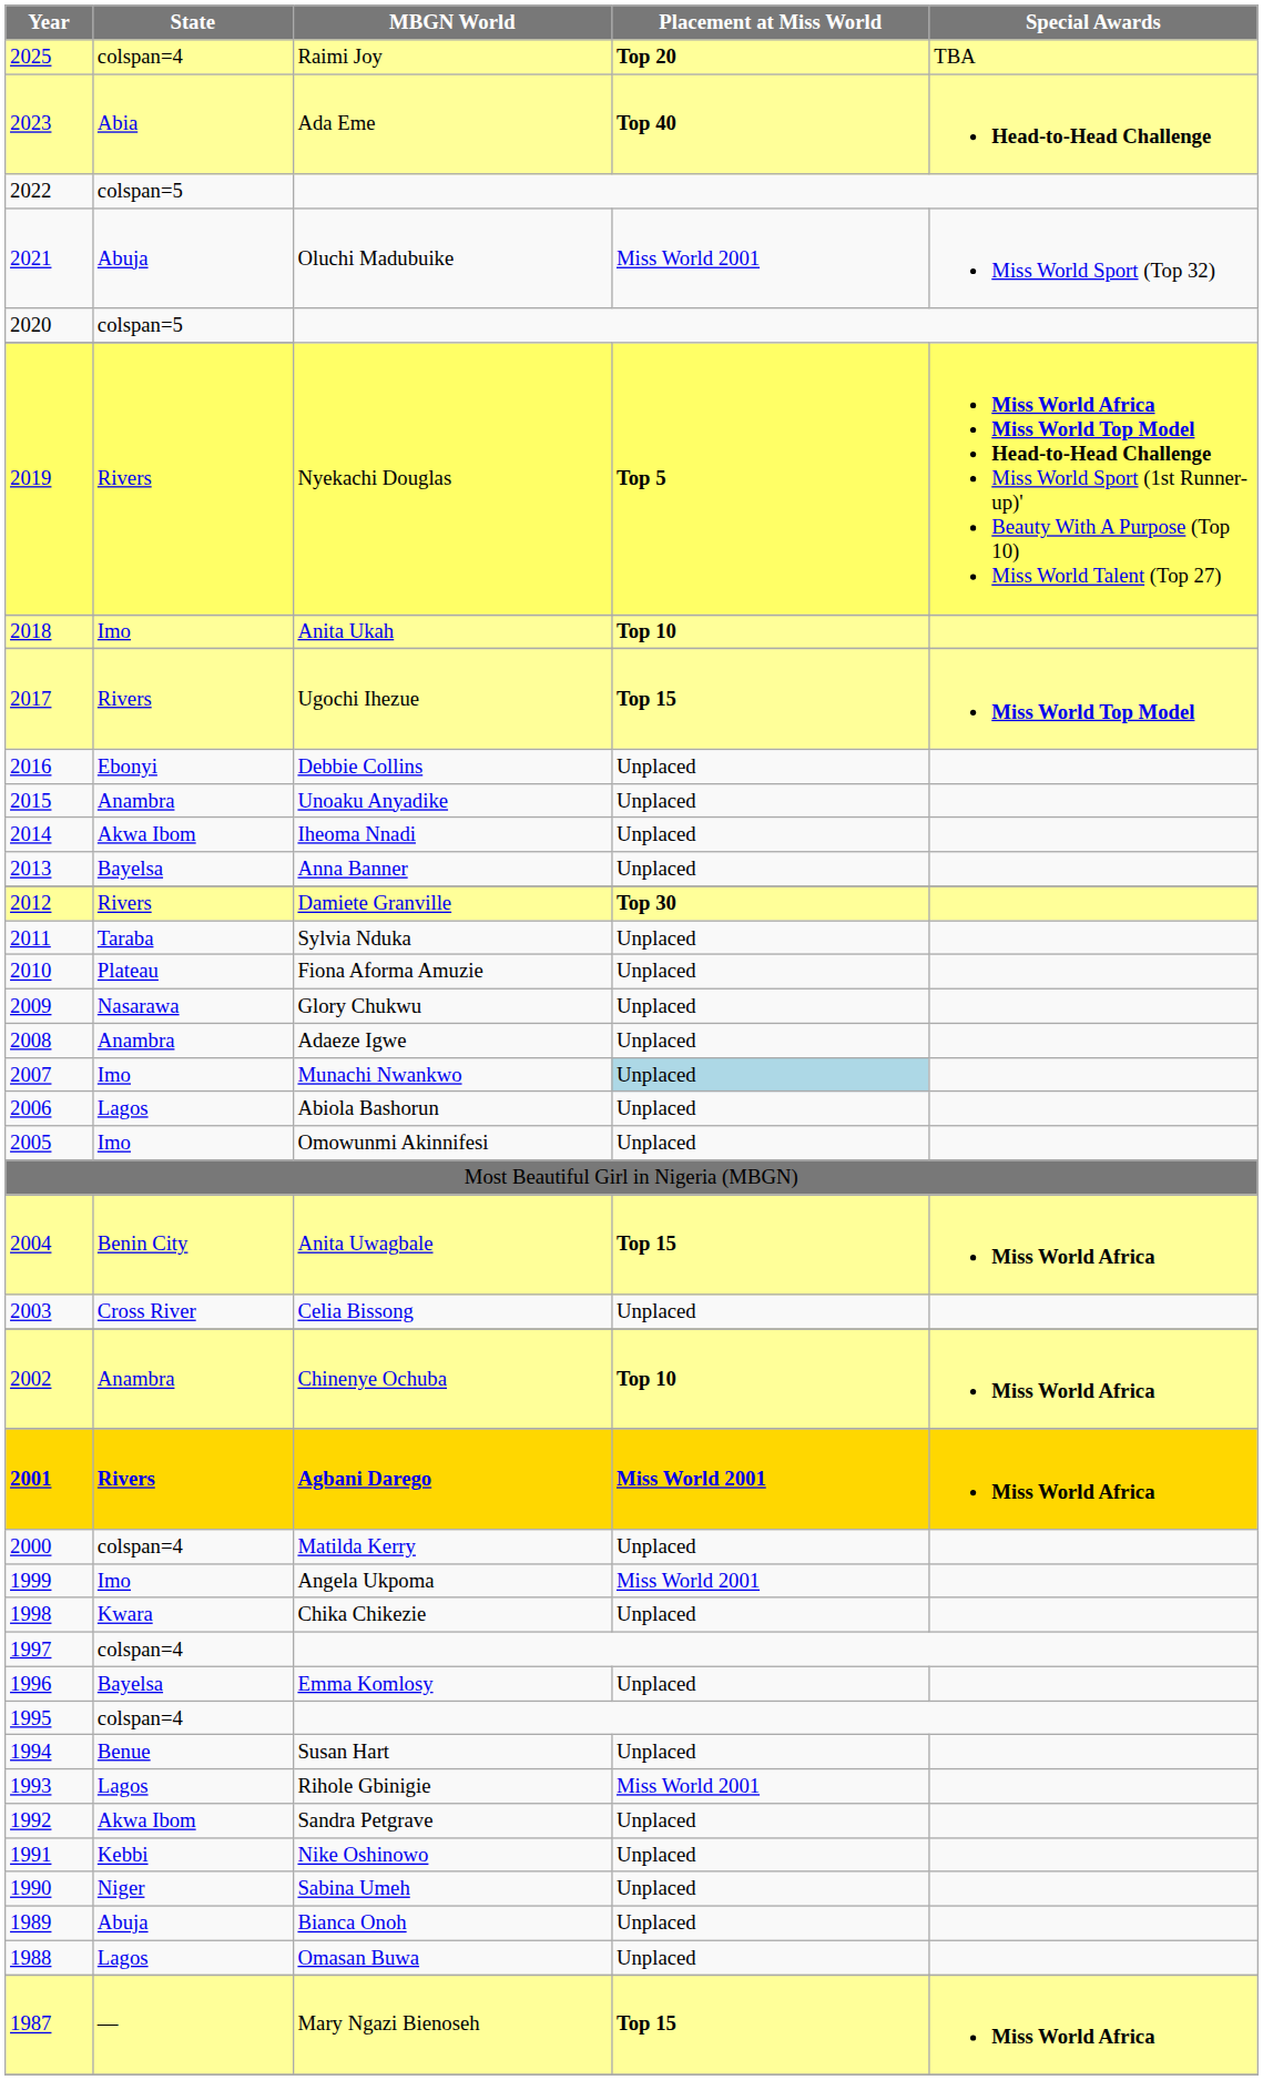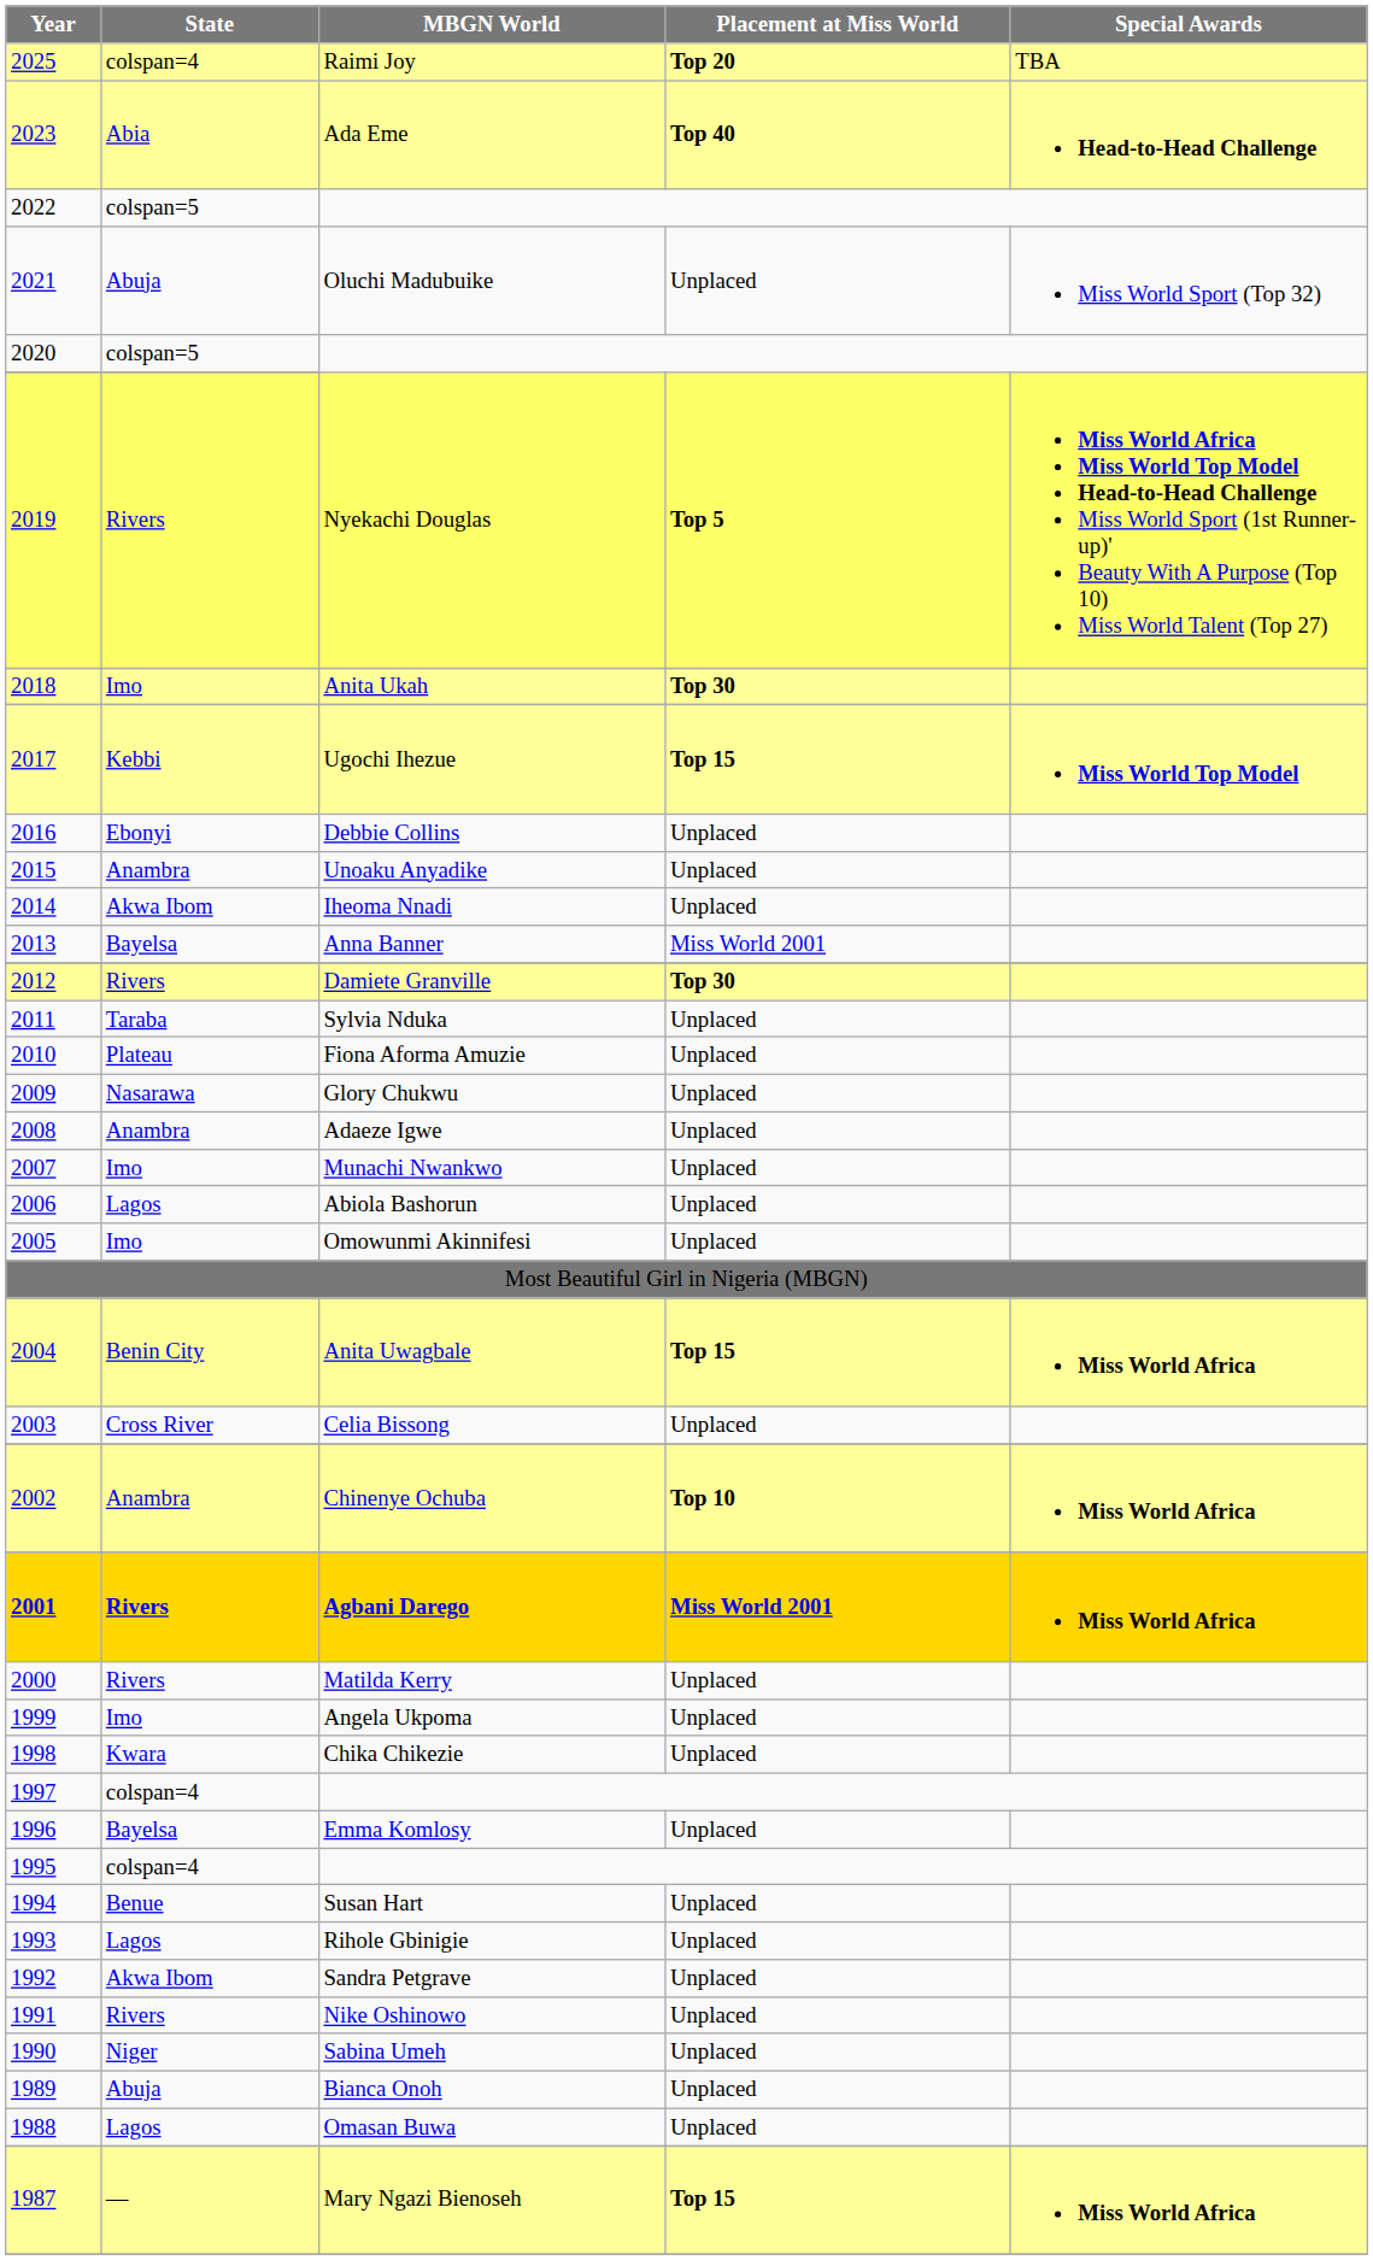 <table class="wikitable " style="font-size: 90%;">
 <tr>
 <th width="60" style="background-color:#787878;color:#FFFFFF;">Year</th>
 <th width="150" style="background-color:#787878;color:#FFFFFF;">State</th>
 <th width="250" style="background-color:#787878;color:#FFFFFF;">MBGN World</th>
 <th width="250" style="background-color:#787878;color:#FFFFFF;">Placement at Miss World</th>
 <th width="250" style="background-color:#787878;color:#FFFFFF;">Special Awards</th>
 </tr>
 <tr style="background-color:#FFFF99;">
 <td><a href='#'>2025</a></td>
 <td>colspan=4 </td>
 <td>Raimi Joy</td>
 <td><strong>Top 20</strong></td>
 <td>TBA</td>
 </tr>
 <tr style="background-color:#FFFF99;">
 <td><a href='#'>2023</a></td>
 <td><a href='#'>Abia</a></td>
 <td>Ada Eme</td>
 <td><strong>Top 40</strong></td>
 <td align="left"><br><ul><li><strong>Head-to-Head Challenge</strong></li></ul></td>
 </tr>
 <tr>
 <td>2022</td>
 <td>colspan=5 </td>
 </tr>
 <tr>
 <td><a href='#'>2021</a></td>
 <td><a href='#'>Abuja</a></td>
 <td>Oluchi Madubuike</td>
-<td><a href='#'>Miss World 2001</a></td>
+<td>Unplaced</td>
 <td align="left"><br><ul><li><a href='#'>Miss World Sport</a> (Top 32)</li></ul></td>
 </tr>
 <tr>
 <td>2020</td>
 <td>colspan=5 </td>
 </tr>
 <tr>
 </tr>
 <tr style="background-color:#FFFF66;">
 <td><a href='#'>2019</a></td>
 <td><a href='#'>Rivers</a></td>
 <td>Nyekachi Douglas</td>
 <td><strong>Top 5</strong></td>
 <td align="left"><br><ul><li><strong><a href='#'>Miss World Africa</a></strong></li><li><strong><a href='#'>Miss World Top Model</a></strong></li><li><strong>Head-to-Head Challenge</strong></li><li><a href='#'>Miss World Sport</a> (1st Runner-up)'</li><li><a href='#'>Beauty With A Purpose</a> (Top 10)</li><li><a href='#'>Miss World Talent</a> (Top 27)</li></ul></td>
 </tr>
 <tr>
 </tr>
 <tr style="background-color:#FFFF99;">
 <td><a href='#'>2018</a></td>
 <td><a href='#'>Imo</a></td>
 <td><a href='#'>Anita Ukah</a></td>
-<td><strong>Top 10</strong></td>
+<td><strong>Top 30</strong></td>
 <td></td>
 </tr>
 <tr>
 </tr>
 <tr style="background-color:#FFFF99;">
 <td><a href='#'>2017</a></td>
-<td><a href='#'>Rivers</a></td>
+<td><a href='#'>Kebbi</a></td>
 <td>Ugochi Ihezue</td>
 <td><strong>Top 15</strong></td>
 <td align="left"><br><ul><li><strong><a href='#'>Miss World Top Model</a></strong></li></ul></td>
 </tr>
 <tr>
 <td><a href='#'>2016</a></td>
 <td><a href='#'>Ebonyi</a></td>
 <td><a href='#'>Debbie Collins</a></td>
 <td>Unplaced</td>
 <td></td>
 </tr>
 <tr>
 <td><a href='#'>2015</a></td>
 <td><a href='#'>Anambra</a></td>
 <td><a href='#'>Unoaku Anyadike</a></td>
 <td>Unplaced</td>
 <td></td>
 </tr>
 <tr>
 <td><a href='#'>2014</a></td>
 <td><a href='#'>Akwa Ibom</a></td>
 <td><a href='#'>Iheoma Nnadi</a></td>
 <td>Unplaced</td>
 <td></td>
 </tr>
 <tr>
 <td><a href='#'>2013</a></td>
 <td><a href='#'>Bayelsa</a></td>
 <td><a href='#'>Anna Banner</a></td>
-<td>Unplaced</td>
+<td><a href='#'>Miss World 2001</a></td>
 <td></td>
 </tr>
 <tr>
 </tr>
 <tr style="background-color:#FFFF99;">
 <td><a href='#'>2012</a></td>
 <td><a href='#'>Rivers</a></td>
 <td><a href='#'>Damiete Granville</a></td>
 <td><strong>Top 30</strong></td>
 <td></td>
 </tr>
 <tr>
 <td><a href='#'>2011</a></td>
 <td><a href='#'>Taraba</a></td>
 <td>Sylvia Nduka</td>
 <td>Unplaced</td>
 <td></td>
 </tr>
 <tr>
 <td><a href='#'>2010</a></td>
 <td><a href='#'>Plateau</a></td>
 <td>Fiona Aforma Amuzie</td>
 <td>Unplaced</td>
 <td></td>
 </tr>
 <tr>
 <td><a href='#'>2009</a></td>
 <td><a href='#'>Nasarawa</a></td>
 <td>Glory Chukwu</td>
 <td>Unplaced</td>
 <td></td>
 </tr>
 <tr>
 <td><a href='#'>2008</a></td>
 <td><a href='#'>Anambra</a></td>
 <td>Adaeze Igwe</td>
 <td>Unplaced</td>
 <td></td>
 </tr>
 <tr>
 <td><a href='#'>2007</a></td>
 <td><a href='#'>Imo</a></td>
 <td><a href='#'>Munachi Nwankwo</a></td>
-<td style="background: lightblue;">Unplaced</td>
+<td>Unplaced</td>
 <td></td>
 </tr>
 <tr>
 <td><a href='#'>2006</a></td>
 <td><a href='#'>Lagos</a></td>
 <td>Abiola Bashorun</td>
 <td>Unplaced</td>
 <td></td>
 </tr>
 <tr>
 <td><a href='#'>2005</a></td>
 <td><a href='#'>Imo</a></td>
 <td>Omowunmi Akinnifesi</td>
 <td>Unplaced</td>
 <td></td>
 </tr>
 <tr>
 </tr>
 <tr bgcolor="#787878" align="center">
 <td colspan="5"><span>Most Beautiful Girl in Nigeria (MBGN)</span></td>
 </tr>
 <tr>
 </tr>
 <tr style="background-color:#FFFF99;">
 <td><a href='#'>2004</a></td>
 <td><a href='#'>Benin City</a></td>
 <td><a href='#'>Anita Uwagbale</a></td>
 <td><strong>Top 15</strong></td>
 <td align="left"><br><ul><li><strong>Miss World Africa</strong></li></ul></td>
 </tr>
 <tr>
 <td><a href='#'>2003</a></td>
 <td><a href='#'>Cross River</a></td>
 <td><a href='#'>Celia Bissong</a></td>
 <td>Unplaced</td>
 <td></td>
 </tr>
 <tr>
 </tr>
 <tr style="background-color:#FFFF99;">
 <td><a href='#'>2002</a></td>
 <td><a href='#'>Anambra</a></td>
 <td><a href='#'>Chinenye Ochuba</a></td>
 <td><strong>Top 10</strong></td>
 <td align="left"><br><ul><li><strong>Miss World Africa</strong></li></ul></td>
 </tr>
 <tr>
 </tr>
 <tr style="background-color:gold; font-weight: bold ">
 <td><a href='#'>2001</a></td>
 <td><a href='#'>Rivers</a></td>
 <td><a href='#'>Agbani Darego</a></td>
 <td><a href='#'>Miss World 2001</a></td>
 <td align="left"><br><ul><li>Miss World Africa</li></ul></td>
 </tr>
 <tr>
 <td><a href='#'>2000</a></td>
-<td>colspan=4 </td>
+<td><a href='#'>Rivers</a></td>
 <td><a href='#'>Matilda Kerry</a></td>
 <td>Unplaced</td>
 <td></td>
 </tr>
 <tr>
 <td><a href='#'>1999</a></td>
 <td><a href='#'>Imo</a></td>
 <td>Angela Ukpoma</td>
-<td><a href='#'>Miss World 2001</a></td>
+<td>Unplaced</td>
 <td></td>
 </tr>
 <tr>
 <td><a href='#'>1998</a></td>
 <td><a href='#'>Kwara</a></td>
 <td>Chika Chikezie</td>
 <td>Unplaced</td>
 <td></td>
 </tr>
 <tr>
 <td><a href='#'>1997</a></td>
 <td>colspan=4 </td>
 </tr>
 <tr>
 <td><a href='#'>1996</a></td>
 <td><a href='#'>Bayelsa</a></td>
 <td><a href='#'>Emma Komlosy</a></td>
 <td>Unplaced</td>
 <td></td>
 </tr>
 <tr>
 <td><a href='#'>1995</a></td>
 <td>colspan=4 </td>
 </tr>
 <tr>
 <td><a href='#'>1994</a></td>
 <td><a href='#'>Benue</a></td>
 <td>Susan Hart</td>
 <td>Unplaced</td>
 <td></td>
 </tr>
 <tr>
 <td><a href='#'>1993</a></td>
 <td><a href='#'>Lagos</a></td>
 <td>Rihole Gbinigie</td>
-<td><a href='#'>Miss World 2001</a></td>
+<td>Unplaced</td>
 <td></td>
 </tr>
 <tr>
 <td><a href='#'>1992</a></td>
 <td><a href='#'>Akwa Ibom</a></td>
 <td>Sandra Petgrave</td>
 <td>Unplaced</td>
 <td></td>
 </tr>
 <tr>
 <td><a href='#'>1991</a></td>
-<td><a href='#'>Kebbi</a></td>
+<td><a href='#'>Rivers</a></td>
 <td><a href='#'>Nike Oshinowo</a></td>
 <td>Unplaced</td>
 <td></td>
 </tr>
 <tr>
 <td><a href='#'>1990</a></td>
 <td><a href='#'>Niger</a></td>
 <td><a href='#'>Sabina Umeh</a></td>
 <td>Unplaced</td>
 <td></td>
 </tr>
 <tr>
 <td><a href='#'>1989</a></td>
 <td><a href='#'>Abuja</a></td>
 <td><a href='#'>Bianca Onoh</a></td>
 <td>Unplaced</td>
 <td></td>
 </tr>
 <tr>
 <td><a href='#'>1988</a></td>
 <td><a href='#'>Lagos</a></td>
 <td><a href='#'>Omasan Buwa</a></td>
 <td>Unplaced</td>
 <td></td>
 </tr>
 <tr>
 </tr>
 <tr style="background-color:#FFFF99;">
 <td><a href='#'>1987</a></td>
 <td>—</td>
 <td>Mary Ngazi Bienoseh</td>
 <td><strong>Top 15</strong></td>
 <td align="left"><br><ul><li><strong>Miss World Africa</strong></li></ul></td>
 </tr>
 <tr>
 </tr>
 </table>
